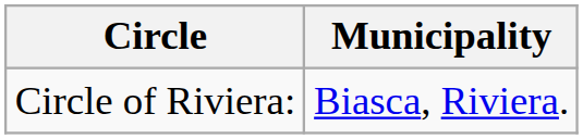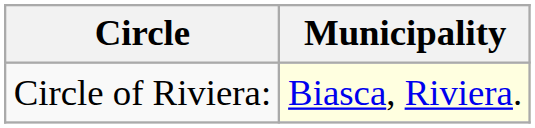 <table class="wikitable sortable">
 <tr>
 <th>Circle</th>
 <th>Municipality</th>
 </tr>
 <tr>
 <td>Circle of Riviera:</td>
-<td><a href='#'>Biasca</a>, <a href='#'>Riviera</a>.</td>
+<td style="background: lightyellow;"><a href='#'>Biasca</a>, <a href='#'>Riviera</a>.</td>
 </tr>
 </table>
